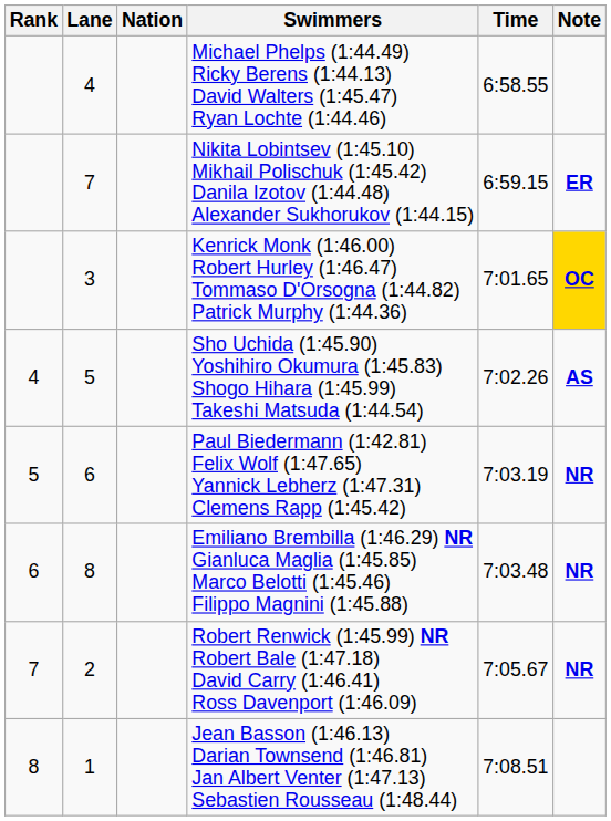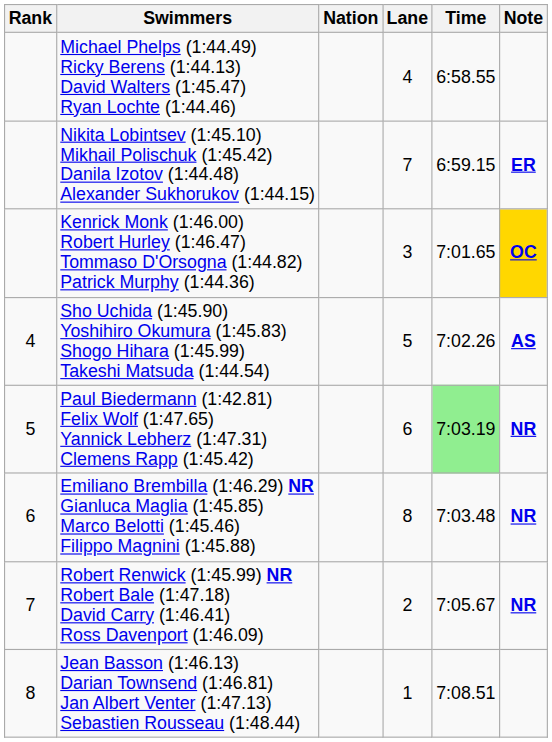 <table class="wikitable sortable" style="text-align:center">
 <tr>
 <th>Rank</th>
+<th>Swimmers</th>
+<th>Nation</th>
 <th>Lane</th>
-<th>Nation</th>
-<th>Swimmers</th>
 <th>Time</th>
 <th>Note</th>
 </tr>
 <tr>
 <td></td>
+<td align=left><a href='#'>Michael Phelps</a> (1:44.49) <br> <a href='#'>Ricky Berens</a> (1:44.13) <br> <a href='#'>David Walters</a> (1:45.47) <br> <a href='#'>Ryan Lochte</a> (1:44.46)</td>
+<td align=left></td>
 <td>4</td>
-<td align=left></td>
-<td align=left><a href='#'>Michael Phelps</a> (1:44.49) <br> <a href='#'>Ricky Berens</a> (1:44.13) <br> <a href='#'>David Walters</a> (1:45.47) <br> <a href='#'>Ryan Lochte</a> (1:44.46)</td>
 <td>6:58.55</td>
 <td></td>
 </tr>
 <tr>
 <td></td>
+<td align=left><a href='#'>Nikita Lobintsev</a> (1:45.10) <br> <a href='#'>Mikhail Polischuk</a> (1:45.42) <br> <a href='#'>Danila Izotov</a> (1:44.48) <br> <a href='#'>Alexander Sukhorukov</a> (1:44.15)</td>
+<td align=left></td>
 <td>7</td>
-<td align=left></td>
-<td align=left><a href='#'>Nikita Lobintsev</a> (1:45.10) <br> <a href='#'>Mikhail Polischuk</a> (1:45.42) <br> <a href='#'>Danila Izotov</a> (1:44.48) <br> <a href='#'>Alexander Sukhorukov</a> (1:44.15)</td>
 <td>6:59.15</td>
 <td><strong><a href='#'>ER</a></strong></td>
 </tr>
 <tr>
 <td></td>
+<td align=left><a href='#'>Kenrick Monk</a> (1:46.00)<br> <a href='#'>Robert Hurley</a> (1:46.47)<br> <a href='#'>Tommaso D'Orsogna</a> (1:44.82)<br> <a href='#'>Patrick Murphy</a> (1:44.36)</td>
+<td align=left></td>
 <td>3</td>
-<td align=left></td>
-<td align=left><a href='#'>Kenrick Monk</a> (1:46.00)<br> <a href='#'>Robert Hurley</a> (1:46.47)<br> <a href='#'>Tommaso D'Orsogna</a> (1:44.82)<br> <a href='#'>Patrick Murphy</a> (1:44.36)</td>
 <td>7:01.65</td>
 <td style="background: gold;"><strong><a href='#'>OC</a></strong></td>
 </tr>
 <tr>
 <td>4</td>
+<td align=left><a href='#'>Sho Uchida</a> (1:45.90) <br> <a href='#'>Yoshihiro Okumura</a> (1:45.83) <br> <a href='#'>Shogo Hihara</a> (1:45.99) <br> <a href='#'>Takeshi Matsuda</a> (1:44.54)</td>
+<td align=left></td>
 <td>5</td>
-<td align=left></td>
-<td align=left><a href='#'>Sho Uchida</a> (1:45.90) <br> <a href='#'>Yoshihiro Okumura</a> (1:45.83) <br> <a href='#'>Shogo Hihara</a> (1:45.99) <br> <a href='#'>Takeshi Matsuda</a> (1:44.54)</td>
 <td>7:02.26</td>
 <td><strong><a href='#'>AS</a></strong></td>
 </tr>
 <tr>
 <td>5</td>
+<td align=left><a href='#'>Paul Biedermann</a> (1:42.81) <br> <a href='#'>Felix Wolf</a> (1:47.65) <br> <a href='#'>Yannick Lebherz</a> (1:47.31) <br> <a href='#'>Clemens Rapp</a> (1:45.42)</td>
+<td align=left></td>
 <td>6</td>
-<td align=left></td>
-<td align=left><a href='#'>Paul Biedermann</a> (1:42.81) <br> <a href='#'>Felix Wolf</a> (1:47.65) <br> <a href='#'>Yannick Lebherz</a> (1:47.31) <br> <a href='#'>Clemens Rapp</a> (1:45.42)</td>
-<td>7:03.19</td>
+<td style="background: lightgreen;">7:03.19</td>
 <td><strong><a href='#'>NR</a></strong></td>
 </tr>
 <tr>
 <td>6</td>
+<td align=left><a href='#'>Emiliano Brembilla</a> (1:46.29) <strong><a href='#'>NR</a></strong><br> <a href='#'>Gianluca Maglia</a> (1:45.85) <br> <a href='#'>Marco Belotti</a> (1:45.46) <br> <a href='#'>Filippo Magnini</a>  (1:45.88)</td>
+<td align=left></td>
 <td>8</td>
-<td align=left></td>
-<td align=left><a href='#'>Emiliano Brembilla</a> (1:46.29) <strong><a href='#'>NR</a></strong><br> <a href='#'>Gianluca Maglia</a> (1:45.85) <br> <a href='#'>Marco Belotti</a> (1:45.46) <br> <a href='#'>Filippo Magnini</a>  (1:45.88)</td>
 <td>7:03.48</td>
 <td><strong><a href='#'>NR</a></strong></td>
 </tr>
 <tr>
 <td>7</td>
+<td align=left><a href='#'>Robert Renwick</a> (1:45.99) <strong><a href='#'>NR</a></strong><br> <a href='#'>Robert Bale</a> (1:47.18) <br> <a href='#'>David Carry</a> (1:46.41) <br> <a href='#'>Ross Davenport</a> (1:46.09)</td>
+<td align=left></td>
 <td>2</td>
-<td align=left></td>
-<td align=left><a href='#'>Robert Renwick</a> (1:45.99) <strong><a href='#'>NR</a></strong><br> <a href='#'>Robert Bale</a> (1:47.18) <br> <a href='#'>David Carry</a> (1:46.41) <br> <a href='#'>Ross Davenport</a> (1:46.09)</td>
 <td>7:05.67</td>
 <td><strong><a href='#'>NR</a></strong></td>
 </tr>
 <tr>
 <td>8</td>
+<td align=left><a href='#'>Jean Basson</a> (1:46.13) <br> <a href='#'>Darian Townsend</a> (1:46.81) <br> <a href='#'>Jan Albert Venter</a> (1:47.13) <br> <a href='#'>Sebastien Rousseau</a> (1:48.44)</td>
+<td align=left></td>
 <td>1</td>
-<td align=left></td>
-<td align=left><a href='#'>Jean Basson</a> (1:46.13) <br> <a href='#'>Darian Townsend</a> (1:46.81) <br> <a href='#'>Jan Albert Venter</a> (1:47.13) <br> <a href='#'>Sebastien Rousseau</a> (1:48.44)</td>
 <td>7:08.51</td>
 <td></td>
 </tr>
 </table>
